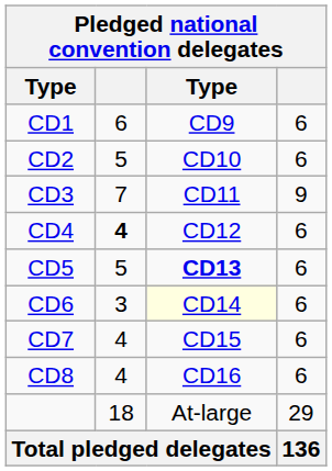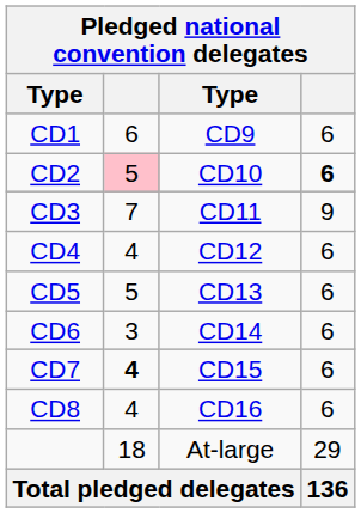 <table class="wikitable sortable" style="font-size:90%;text-align:center;float:right;padding:5px;">
 <tr>
 <th colspan="4">Pledged <a href='#'>national<br>convention</a> delegates</th>
 </tr>
 <tr>
 <th>Type</th>
 <th></th>
 <th>Type</th>
 <th></th>
 </tr>
 <tr>
 <td><a href='#'>CD1</a></td>
 <td>6</td>
 <td><a href='#'>CD9</a></td>
 <td>6</td>
 </tr>
 <tr>
 <td><a href='#'>CD2</a></td>
-<td>5</td>
+<td style="background: pink;">5</td>
 <td><a href='#'>CD10</a></td>
-<td>6</td>
+<td><strong>6</strong></td>
 </tr>
 <tr>
 <td><a href='#'>CD3</a></td>
 <td>7</td>
 <td><a href='#'>CD11</a></td>
 <td>9</td>
 </tr>
 <tr>
 <td><a href='#'>CD4</a></td>
-<td><strong>4</strong></td>
+<td>4</td>
 <td><a href='#'>CD12</a></td>
 <td>6</td>
 </tr>
 <tr>
 <td><a href='#'>CD5</a></td>
 <td>5</td>
-<td><strong><a href='#'>CD13</a></strong></td>
+<td><a href='#'>CD13</a></td>
 <td>6</td>
 </tr>
 <tr>
 <td><a href='#'>CD6</a></td>
 <td>3</td>
-<td style="background: lightyellow;"><a href='#'>CD14</a></td>
+<td><a href='#'>CD14</a></td>
 <td>6</td>
 </tr>
 <tr>
 <td><a href='#'>CD7</a></td>
-<td>4</td>
+<td><strong>4</strong></td>
 <td><a href='#'>CD15</a></td>
 <td>6</td>
 </tr>
 <tr>
 <td><a href='#'>CD8</a></td>
 <td>4</td>
 <td><a href='#'>CD16</a></td>
 <td>6</td>
 </tr>
 <tr>
 <td></td>
 <td>18</td>
 <td>At-large</td>
 <td>29</td>
 </tr>
 <tr>
 <th colspan=3>Total pledged delegates</th>
 <th>136</th>
 </tr>
 </table>
